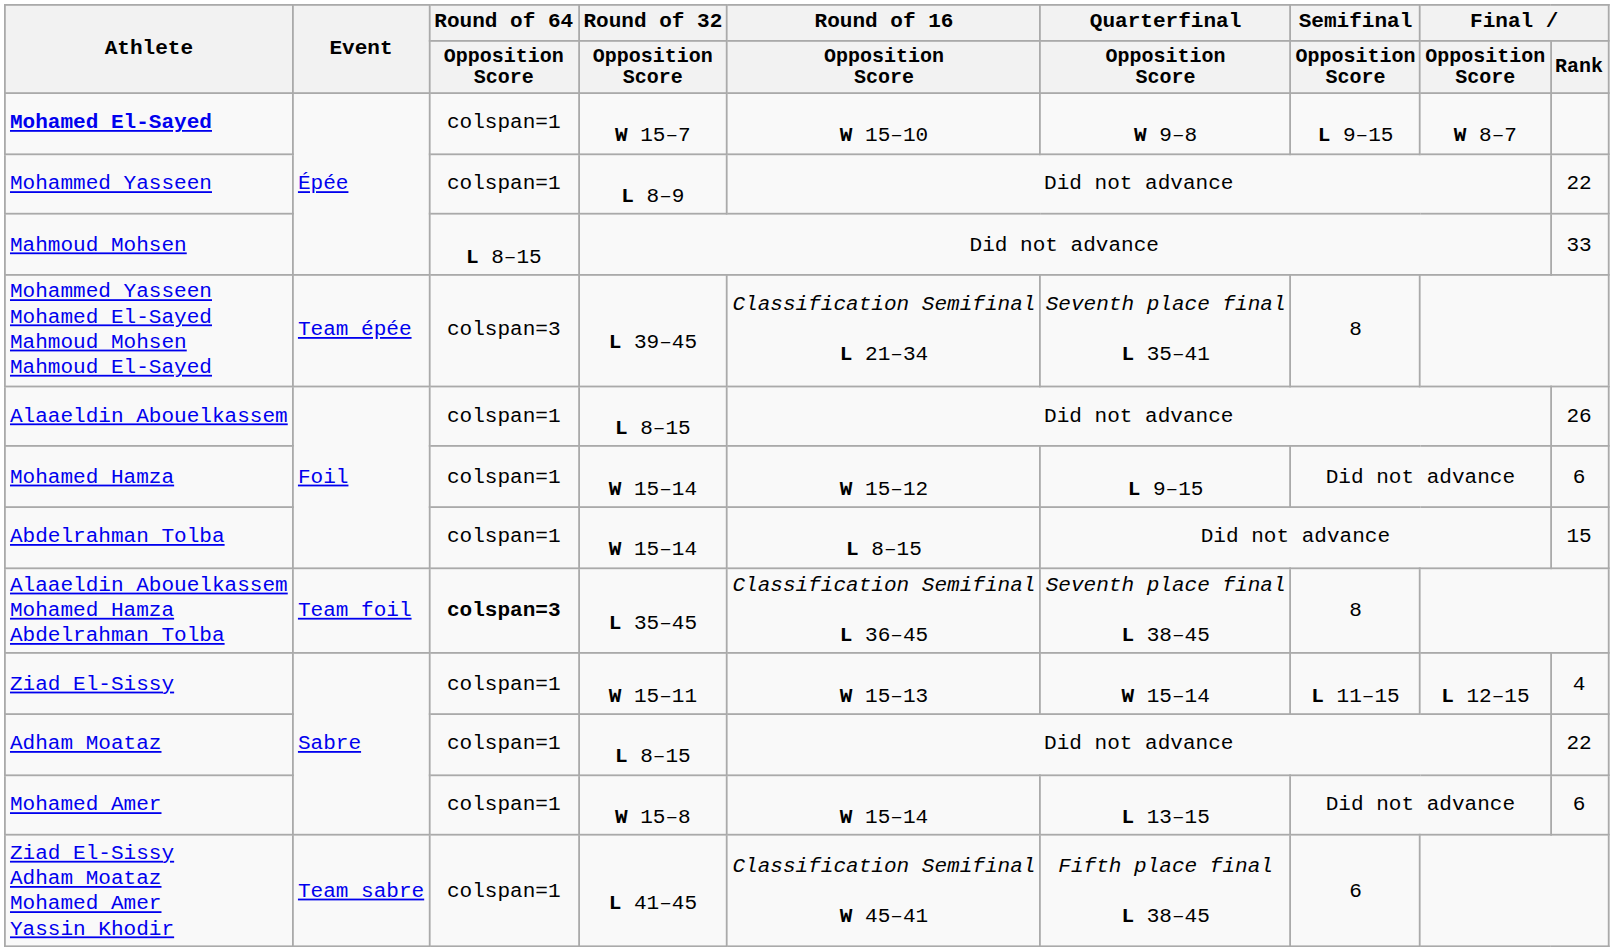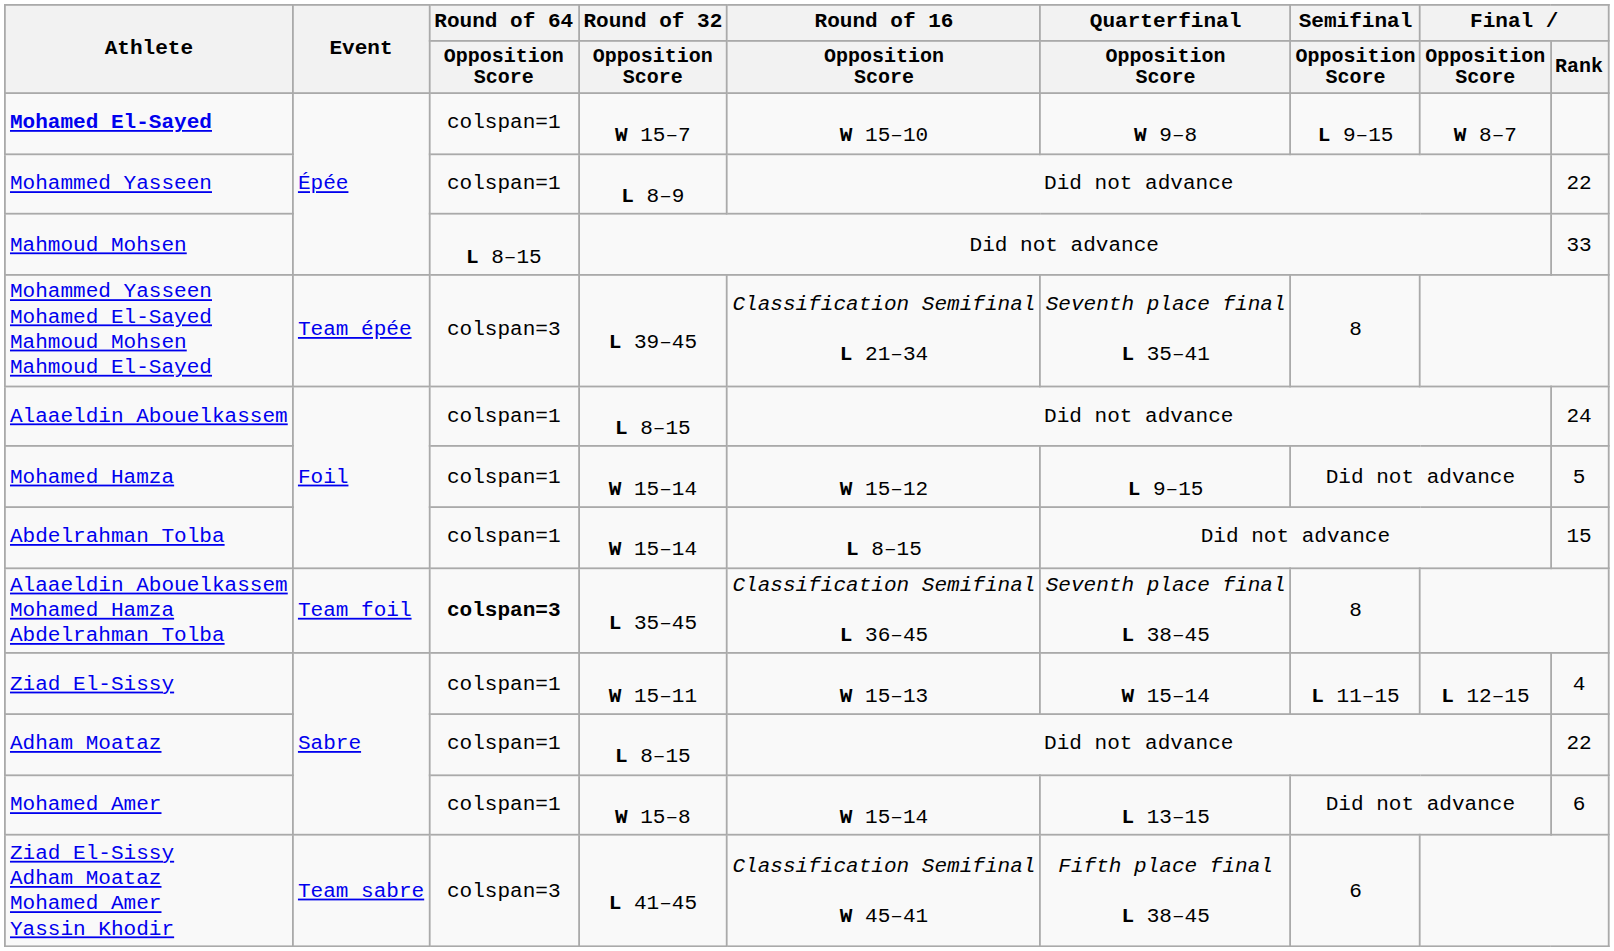 <table class="wikitable" style="font-size:90%">
 <tr>
 <th rowspan="2">Athlete</th>
 <th rowspan="2">Event</th>
 <th>Round of 64</th>
 <th>Round of 32</th>
 <th>Round of 16</th>
 <th>Quarterfinal</th>
 <th>Semifinal</th>
 <th colspan="2">Final / </th>
 </tr>
 <tr style="font-size:95%">
 <th>Opposition <br> Score</th>
 <th>Opposition <br> Score</th>
 <th>Opposition <br> Score</th>
 <th>Opposition <br> Score</th>
 <th>Opposition <br> Score</th>
 <th>Opposition <br> Score</th>
 <th>Rank</th>
 </tr>
 <tr align="center">
 <td align="left"><strong><a href='#'>Mohamed El-Sayed</a></strong></td>
 <td rowspan="3" align="left"><a href='#'>Épée</a></td>
 <td>colspan=1 </td>
 <td><br> <strong>W</strong> 15–7</td>
 <td><br> <strong>W</strong> 15–10</td>
 <td><br> <strong>W</strong> 9–8</td>
 <td><br> <strong>L</strong> 9–15</td>
 <td><br> <strong>W</strong> 8–7</td>
 <td></td>
 </tr>
 <tr align="center">
 <td align="left"><a href='#'>Mohammed Yasseen</a></td>
 <td>colspan=1 </td>
 <td><br> <strong>L</strong> 8–9</td>
 <td colspan="4">Did not advance</td>
 <td>22</td>
 </tr>
 <tr align="center">
 <td align="left"><a href='#'>Mahmoud Mohsen</a></td>
 <td><br> <strong>L</strong> 8–15</td>
 <td colspan="5">Did not advance</td>
 <td>33</td>
 </tr>
 <tr align="center">
 <td align="left"><a href='#'>Mohammed Yasseen</a><br><a href='#'>Mohamed El-Sayed</a><br><a href='#'>Mahmoud Mohsen</a><br><a href='#'>Mahmoud El-Sayed</a></td>
 <td align="left"><a href='#'>Team épée</a></td>
 <td>colspan=3 </td>
 <td><br> <strong>L</strong> 39–45</td>
 <td><em>Classification Semifinal</em><br><em><br></em> <strong>L</strong> 21–34</td>
 <td><em>Seventh place final</em><br><em><br></em> <strong>L</strong> 35–41</td>
 <td>8</td>
 </tr>
 <tr align="center">
 <td align="left"><a href='#'>Alaaeldin Abouelkassem</a></td>
 <td rowspan="3" align="left"><a href='#'>Foil</a></td>
 <td>colspan=1 </td>
 <td><br> <strong>L</strong> 8–15</td>
 <td colspan="4">Did not advance</td>
-<td>26</td>
+<td>24</td>
 </tr>
 <tr align="center">
 <td align="left"><a href='#'>Mohamed Hamza</a></td>
 <td>colspan=1 </td>
 <td><br> <strong>W</strong> 15–14</td>
 <td><br> <strong>W</strong> 15–12</td>
 <td><br> <strong>L</strong> 9–15</td>
 <td colspan="2">Did not advance</td>
-<td>6</td>
+<td>5</td>
 </tr>
 <tr align="center">
 <td align="left"><a href='#'>Abdelrahman Tolba</a></td>
 <td>colspan=1 </td>
 <td><br> <strong>W</strong> 15–14</td>
 <td><br> <strong>L</strong> 8–15</td>
 <td colspan="3">Did not advance</td>
 <td>15</td>
 </tr>
 <tr align="center">
 <td align="left"><a href='#'>Alaaeldin Abouelkassem</a><br><a href='#'>Mohamed Hamza</a><br><a href='#'>Abdelrahman Tolba</a></td>
 <td align="left"><a href='#'>Team foil</a></td>
 <td><strong>colspan=3 </strong></td>
 <td><br> <strong>L</strong> 35–45</td>
 <td><em>Classification Semifinal</em><br><br> <strong>L</strong> 36–45</td>
 <td><em>Seventh place final</em><br><br> <strong>L</strong> 38–45</td>
 <td>8</td>
 </tr>
 <tr align="center">
 <td align="left"><a href='#'>Ziad El-Sissy</a></td>
 <td rowspan="3" align="left"><a href='#'>Sabre</a></td>
 <td>colspan=1 </td>
 <td><br> <strong>W</strong> 15–11</td>
 <td><br> <strong>W</strong> 15–13</td>
 <td><br> <strong>W</strong> 15–14</td>
 <td><br> <strong>L</strong> 11–15</td>
 <td><br> <strong>L</strong> 12–15</td>
 <td>4</td>
 </tr>
 <tr align="center">
 <td align="left"><a href='#'>Adham Moataz</a></td>
 <td>colspan=1 </td>
 <td><br> <strong>L</strong> 8–15</td>
 <td colspan="4">Did not advance</td>
 <td>22</td>
 </tr>
 <tr align="center">
 <td align="left"><a href='#'>Mohamed Amer</a></td>
 <td>colspan=1 </td>
 <td><br> <strong>W</strong> 15–8</td>
 <td><br> <strong>W</strong> 15–14</td>
 <td><br> <strong>L</strong> 13–15</td>
 <td colspan="2">Did not advance</td>
 <td>6</td>
 </tr>
 <tr align="center">
 <td align="left"><a href='#'>Ziad El-Sissy</a><br><a href='#'>Adham Moataz</a><br><a href='#'>Mohamed Amer</a><br><a href='#'>Yassin Khodir</a></td>
 <td align="left"><a href='#'>Team sabre</a></td>
-<td>colspan=1 </td>
+<td>colspan=3 </td>
 <td><br> <strong>L</strong> 41–45</td>
 <td><em>Classification Semifinal</em><br><br> <strong>W</strong> 45–41<br></td>
 <td><em>Fifth place final</em><br><br> <strong>L</strong> 38–45</td>
 <td>6</td>
 </tr>
 </table>
